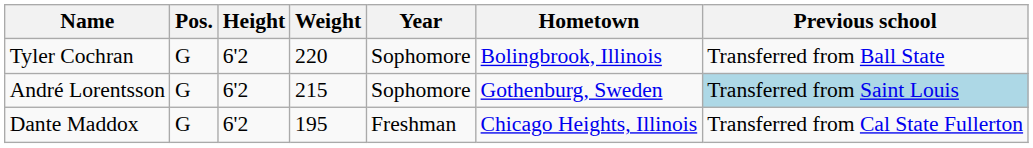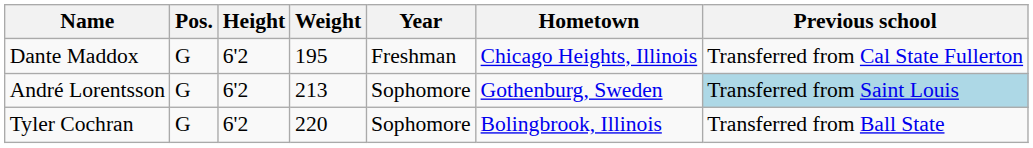 <table class="wikitable sortable" border="1">
 <tr align=center>
 <th>Name</th>
 <th>Pos.</th>
 <th>Height</th>
 <th>Weight</th>
 <th>Year</th>
 <th>Hometown</th>
 <th>Previous school</th>
 </tr>
 <tr>
+<td>Dante Maddox</td>
+<td>G</td>
+<td>6'2</td>
+<td>195</td>
+<td>Freshman</td>
+<td><a href='#'>Chicago Heights, Illinois</a></td>
+<td>Transferred from <a href='#'>Cal State Fullerton</a></td>
+</tr>
+<tr>
+<td>André Lorentsson</td>
+<td>G</td>
+<td>6'2</td>
+<td>213</td>
+<td>Sophomore</td>
+<td><a href='#'>Gothenburg, Sweden</a></td>
+<td style="background: lightblue;">Transferred from <a href='#'>Saint Louis</a></td>
+</tr>
+<tr>
 <td>Tyler Cochran</td>
 <td>G</td>
 <td>6'2</td>
 <td>220</td>
 <td>Sophomore</td>
 <td><a href='#'>Bolingbrook, Illinois</a></td>
 <td>Transferred from <a href='#'>Ball State</a></td>
 </tr>
-<tr>
-<td>André Lorentsson</td>
-<td>G</td>
-<td>6'2</td>
-<td>215</td>
-<td>Sophomore</td>
-<td><a href='#'>Gothenburg, Sweden</a></td>
-<td style="background: lightblue;">Transferred from <a href='#'>Saint Louis</a></td>
-</tr>
-<tr>
-<td>Dante Maddox</td>
-<td>G</td>
-<td>6'2</td>
-<td>195</td>
-<td>Freshman</td>
-<td><a href='#'>Chicago Heights, Illinois</a></td>
-<td>Transferred from <a href='#'>Cal State Fullerton</a></td>
-</tr>
 </table>
